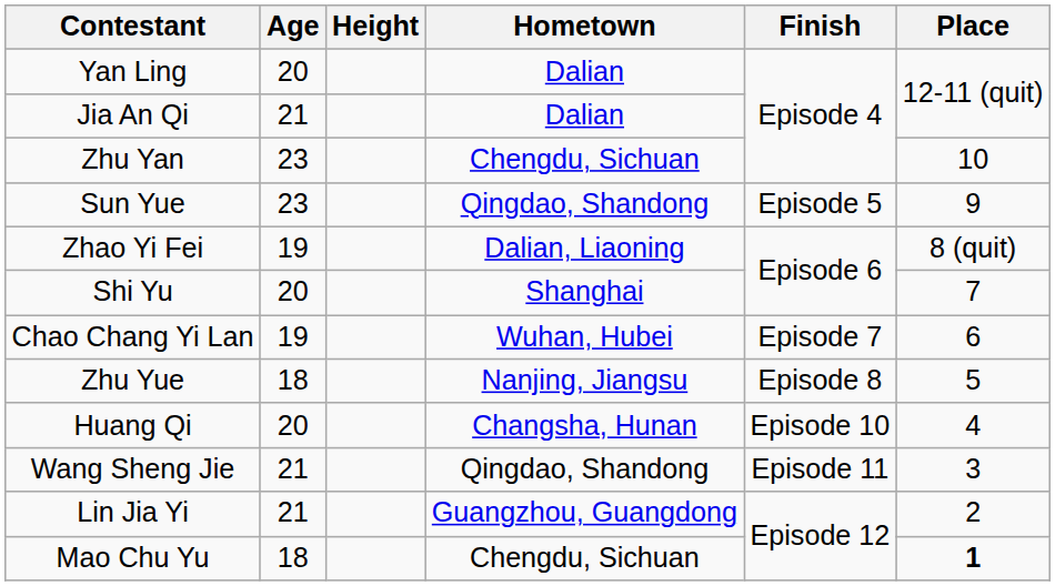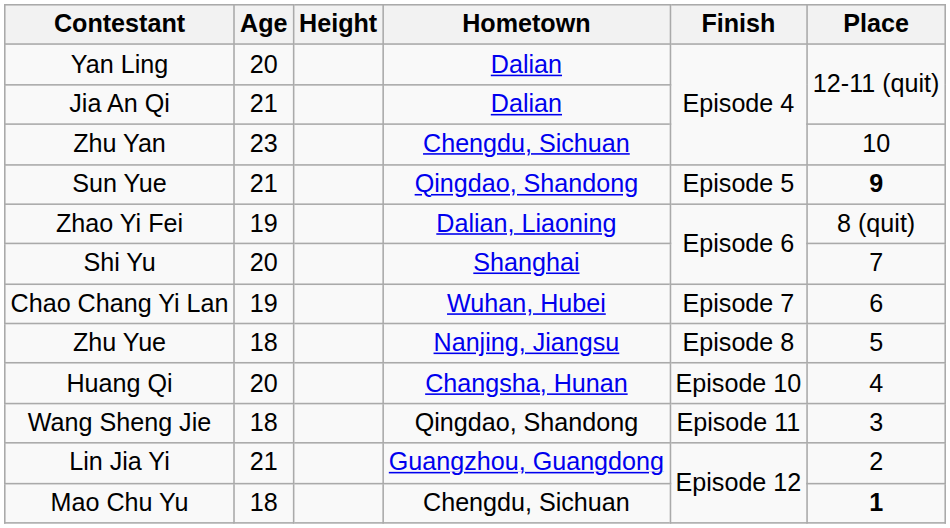 <table class="wikitable sortable" style="text-align:center;">
 <tr>
 <th>Contestant</th>
 <th>Age</th>
 <th>Height</th>
 <th>Hometown</th>
 <th>Finish</th>
 <th>Place</th>
 </tr>
 <tr>
 <td>Yan Ling</td>
 <td>20</td>
 <td></td>
 <td><a href='#'>Dalian</a></td>
 <td rowspan="3">Episode 4</td>
 <td rowspan="2">12-11 (quit)</td>
 </tr>
 <tr>
 <td>Jia An Qi</td>
 <td>21</td>
 <td></td>
 <td><a href='#'>Dalian</a></td>
 </tr>
 <tr>
 <td>Zhu Yan</td>
 <td>23</td>
 <td></td>
 <td><a href='#'>Chengdu, Sichuan</a></td>
 <td>10</td>
 </tr>
 <tr>
 <td>Sun Yue</td>
-<td>23</td>
+<td>21</td>
 <td></td>
 <td><a href='#'>Qingdao, Shandong</a></td>
 <td>Episode 5</td>
-<td>9</td>
+<td><strong>9</strong></td>
 </tr>
 <tr>
 <td>Zhao Yi Fei</td>
 <td>19</td>
 <td></td>
 <td><a href='#'>Dalian, Liaoning</a></td>
 <td rowspan="2">Episode 6</td>
 <td>8 (quit)</td>
 </tr>
 <tr>
 <td>Shi Yu</td>
 <td>20</td>
 <td></td>
 <td><a href='#'>Shanghai</a></td>
 <td>7</td>
 </tr>
 <tr>
 <td>Chao Chang Yi Lan</td>
 <td>19</td>
 <td></td>
 <td><a href='#'>Wuhan, Hubei</a></td>
 <td>Episode 7</td>
 <td>6</td>
 </tr>
 <tr>
 <td>Zhu Yue</td>
 <td>18</td>
 <td></td>
 <td><a href='#'>Nanjing, Jiangsu</a></td>
 <td>Episode 8</td>
 <td>5</td>
 </tr>
 <tr>
 <td>Huang Qi</td>
 <td>20</td>
 <td></td>
 <td><a href='#'>Changsha, Hunan</a></td>
 <td>Episode 10</td>
 <td>4</td>
 </tr>
 <tr>
 <td>Wang Sheng Jie</td>
-<td>21</td>
+<td>18</td>
 <td></td>
 <td>Qingdao, Shandong</td>
 <td>Episode 11</td>
 <td>3</td>
 </tr>
 <tr>
 <td>Lin Jia Yi</td>
 <td>21</td>
 <td></td>
 <td><a href='#'>Guangzhou, Guangdong</a></td>
 <td rowspan="2">Episode 12</td>
 <td>2</td>
 </tr>
 <tr>
 <td>Mao Chu Yu</td>
 <td>18</td>
 <td></td>
 <td>Chengdu, Sichuan</td>
 <td><strong>1</strong></td>
 </tr>
 </table>
